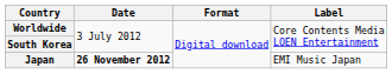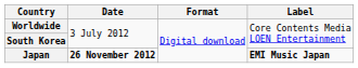 <table class="wikitable plainrowheaders">
 <tr>
 <th scope="col">Country</th>
 <th>Date</th>
 <th>Format</th>
 <th>Label</th>
 </tr>
 <tr>
 <th scope="row">Worldwide</th>
 <td rowspan="2">3 July 2012</td>
 <td rowspan="3"><a href='#'>Digital download</a></td>
 <td rowspan="2">Core Contents Media<br><a href='#'>LOEN Entertainment</a></td>
 </tr>
 <tr>
 <th scope="row">South Korea</th>
 </tr>
 <tr>
 <th scope="row">Japan</th>
 <td><strong>26 November 2012</strong></td>
-<td>EMI Music Japan</td>
+<td><strong>EMI Music Japan</strong></td>
 </tr>
 </table>
